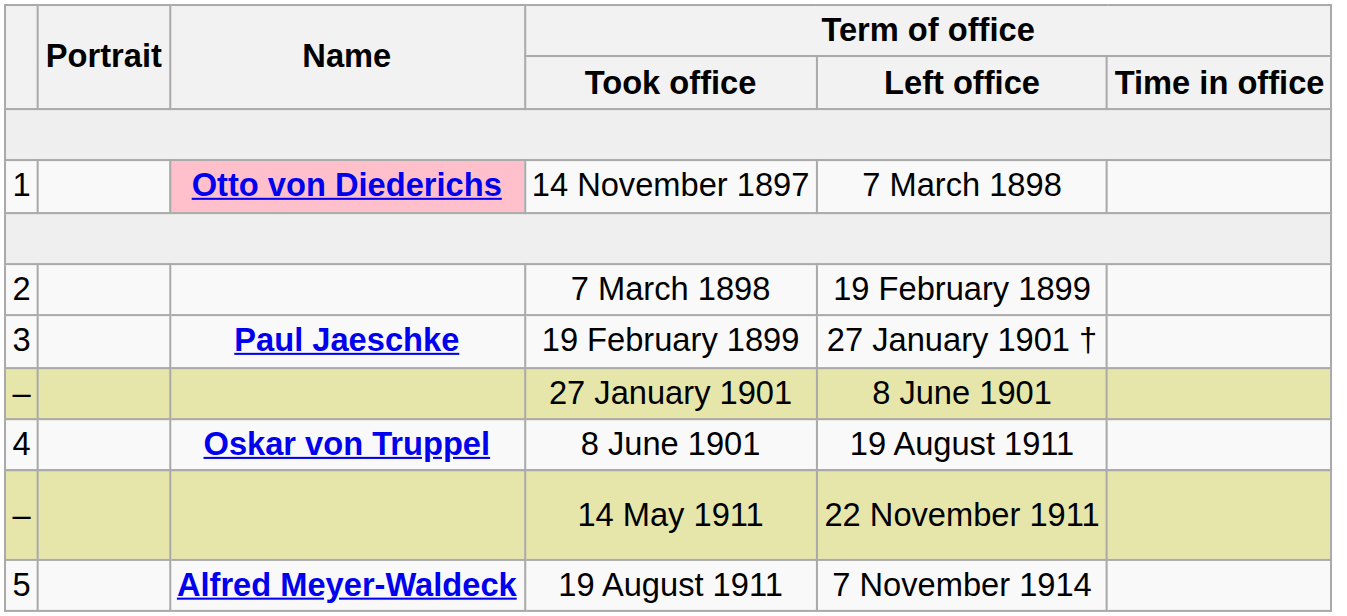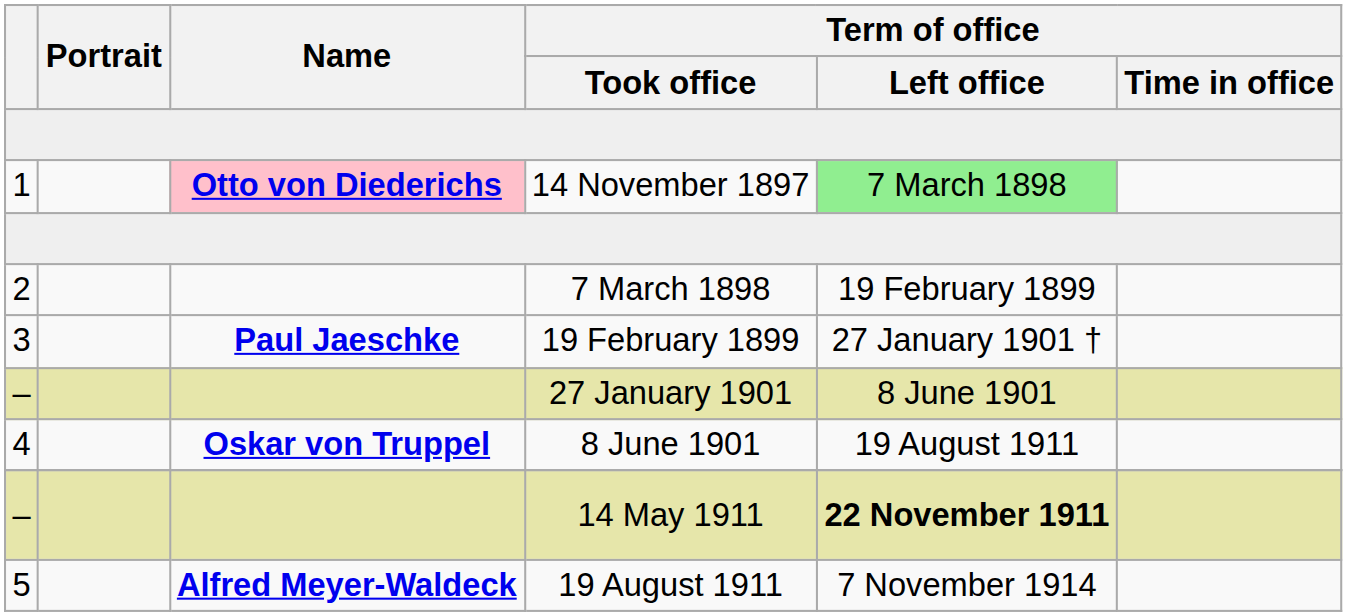 <table class="wikitable" style="text-align:center">
 <tr>
 <th rowspan=2></th>
 <th rowspan=2>Portrait</th>
 <th rowspan=2>Name<br></th>
 <th colspan=3>Term of office</th>
 </tr>
 <tr>
 <th>Took office</th>
 <th>Left office</th>
 <th>Time in office</th>
 </tr>
 <tr style="background:#efefef;">
 <td colspan=6><br></td>
 </tr>
 <tr>
 <td>1</td>
 <td></td>
 <td style="background: pink;"><strong><a href='#'>Otto von Diederichs</a></strong><br></td>
 <td>14 November 1897</td>
-<td>7 March 1898</td>
+<td style="background: lightgreen;">7 March 1898</td>
 <td></td>
 </tr>
 <tr style="background:#efefef;">
 <td colspan=6><br></td>
 </tr>
 <tr>
 <td>2</td>
 <td></td>
 <td><strong></strong><br></td>
 <td>7 March 1898</td>
 <td>19 February 1899</td>
 <td></td>
 </tr>
 <tr>
 <td>3</td>
 <td></td>
 <td><strong><a href='#'>Paul Jaeschke</a></strong><br></td>
 <td>19 February 1899</td>
 <td>27 January 1901 †</td>
 <td></td>
 </tr>
 <tr style="background:#e6e6aa;">
 <td>–</td>
 <td></td>
 <td><strong></strong><br></td>
 <td>27 January 1901</td>
 <td>8 June 1901</td>
 <td></td>
 </tr>
 <tr>
 <td>4</td>
 <td></td>
 <td><strong><a href='#'>Oskar von Truppel</a></strong><br></td>
 <td>8 June 1901</td>
 <td>19 August 1911</td>
 <td></td>
 </tr>
 <tr>
 </tr>
 <tr style="background:#e6e6aa;">
 <td>–</td>
 <td></td>
 <td><strong></strong><br><br></td>
 <td>14 May 1911</td>
-<td>22 November 1911</td>
+<td><strong>22 November 1911</strong></td>
 <td></td>
 </tr>
 <tr>
 <td>5</td>
 <td></td>
 <td><strong><a href='#'>Alfred Meyer-Waldeck</a></strong><br></td>
 <td>19 August 1911</td>
 <td>7 November 1914</td>
 <td></td>
 </tr>
 </table>
